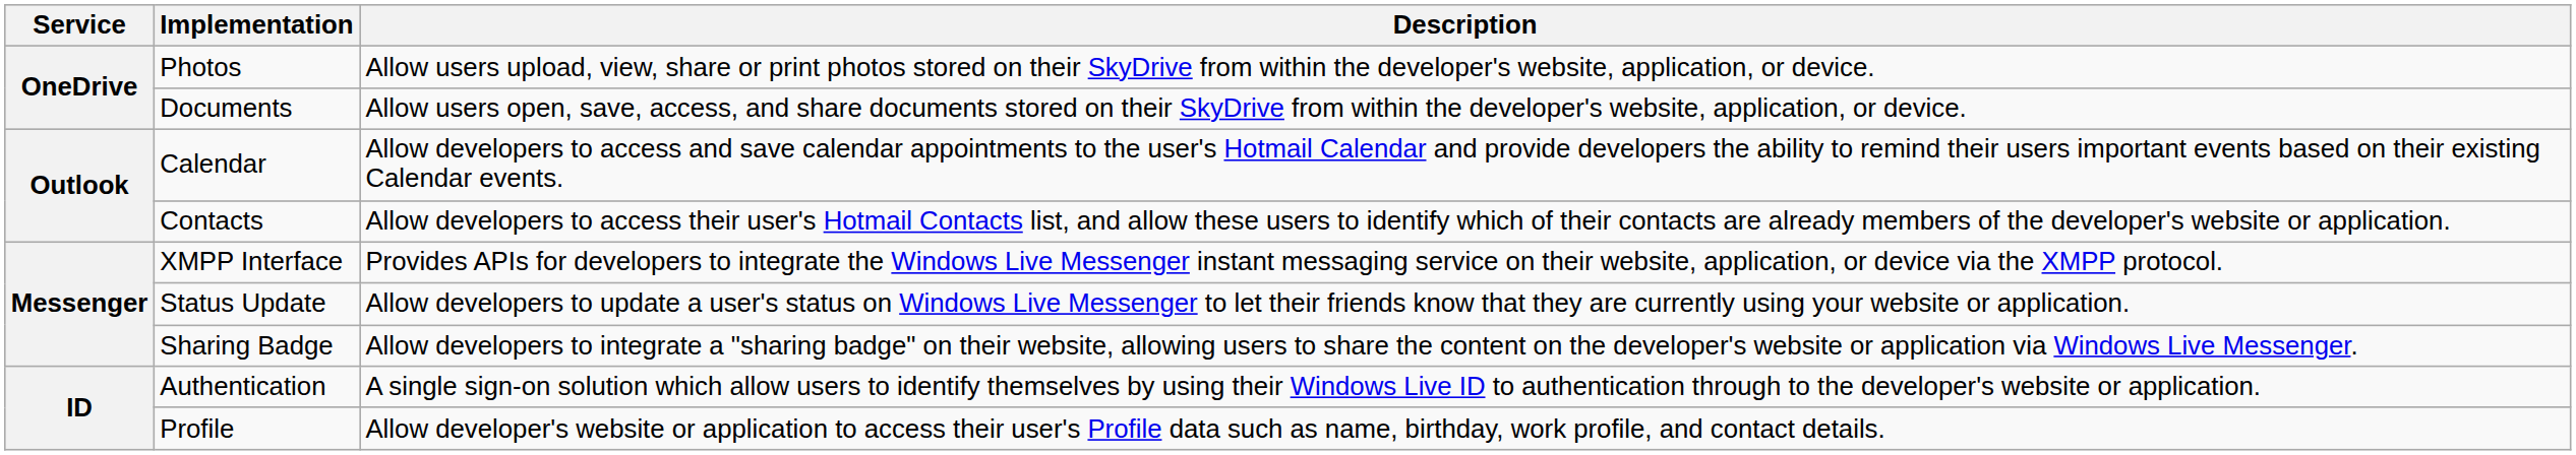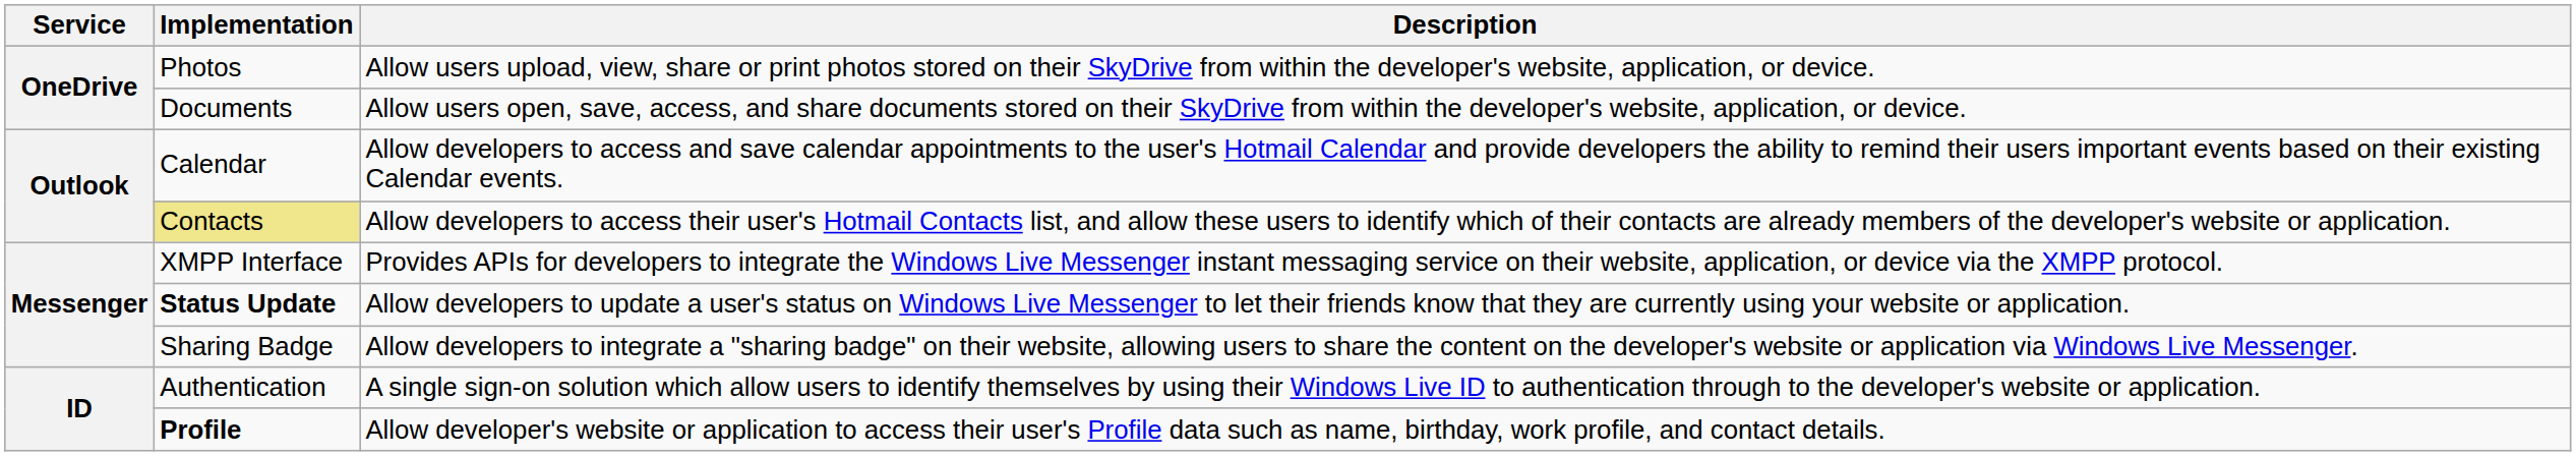 <table class="wikitable">
 <tr>
 <th>Service</th>
 <th>Implementation</th>
 <th>Description</th>
 </tr>
 <tr>
 <th rowspan=2>OneDrive</th>
 <td>Photos</td>
 <td>Allow users upload, view, share or print photos stored on their <a href='#'>SkyDrive</a> from within the developer's website, application, or device.</td>
 </tr>
 <tr>
 <td>Documents</td>
 <td>Allow users open, save, access, and share documents stored on their <a href='#'>SkyDrive</a> from within the developer's website, application, or device.</td>
 </tr>
 <tr>
 <th rowspan=2>Outlook</th>
 <td>Calendar</td>
 <td>Allow developers to access and save calendar appointments to the user's <a href='#'>Hotmail Calendar</a> and provide developers the ability to remind their users important events based on their existing Calendar events.</td>
 </tr>
 <tr>
-<td>Contacts</td>
+<td style="background: khaki;">Contacts</td>
 <td>Allow developers to access their user's <a href='#'>Hotmail Contacts</a> list, and allow these users to identify which of their contacts are already members of the developer's website or application.</td>
 </tr>
 <tr>
 <th rowspan=3>Messenger</th>
 <td>XMPP Interface</td>
 <td>Provides APIs for developers to integrate the <a href='#'>Windows Live Messenger</a> instant messaging service on their website, application, or device via the <a href='#'>XMPP</a> protocol.</td>
 </tr>
 <tr>
-<td>Status Update</td>
+<td><strong>Status Update</strong></td>
 <td>Allow developers to update a user's status on <a href='#'>Windows Live Messenger</a> to let their friends know that they are currently using your website or application.</td>
 </tr>
 <tr>
 <td>Sharing Badge</td>
 <td>Allow developers to integrate a "sharing badge" on their website, allowing users to share the content on the developer's website or application via <a href='#'>Windows Live Messenger</a>.</td>
 </tr>
 <tr>
 <th rowspan=2>ID</th>
 <td>Authentication</td>
 <td>A single sign-on solution which allow users to identify themselves by using their <a href='#'>Windows Live ID</a> to authentication through to the developer's website or application.</td>
 </tr>
 <tr>
-<td>Profile</td>
+<td><strong>Profile</strong></td>
 <td>Allow developer's website or application to access their user's <a href='#'>Profile</a> data such as name, birthday, work profile, and contact details.</td>
 </tr>
 </table>
